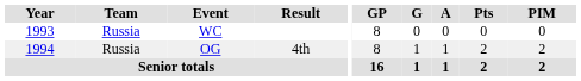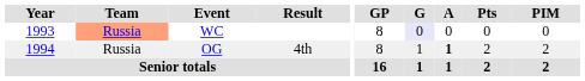 <table border="0" cellpadding="1" cellspacing="0" ID="Table3" style="text-align:center; width:40em">
 <tr ALIGN="center" bgcolor="#e0e0e0">
 <th>Year</th>
 <th>Team</th>
 <th>Event</th>
 <th>Result</th>
 <th rowspan="99" bgcolor="#ffffff"></th>
 <th>GP</th>
 <th>G</th>
 <th>A</th>
 <th>Pts</th>
 <th>PIM</th>
 </tr>
 <tr>
 <td><a href='#'>1993</a></td>
-<td><a href='#'>Russia</a></td>
+<td style="background: lightsalmon;"><a href='#'>Russia</a></td>
 <td><a href='#'>WC</a></td>
 <td></td>
 <td>8</td>
-<td>0</td>
+<td style="background: lavender;">0</td>
 <td>0</td>
 <td>0</td>
 <td>0</td>
 </tr>
 <tr bgcolor="#f0f0f0">
 <td><a href='#'>1994</a></td>
 <td>Russia</td>
 <td><a href='#'>OG</a></td>
 <td>4th</td>
 <td>8</td>
 <td>1</td>
-<td>1</td>
+<td><strong>1</strong></td>
 <td>2</td>
 <td>2</td>
 </tr>
 <tr bgcolor="#e0e0e0">
 <th colspan=4>Senior totals</th>
 <th>16</th>
 <th>1</th>
 <th>1</th>
 <th>2</th>
 <th>2</th>
 </tr>
 </table>
